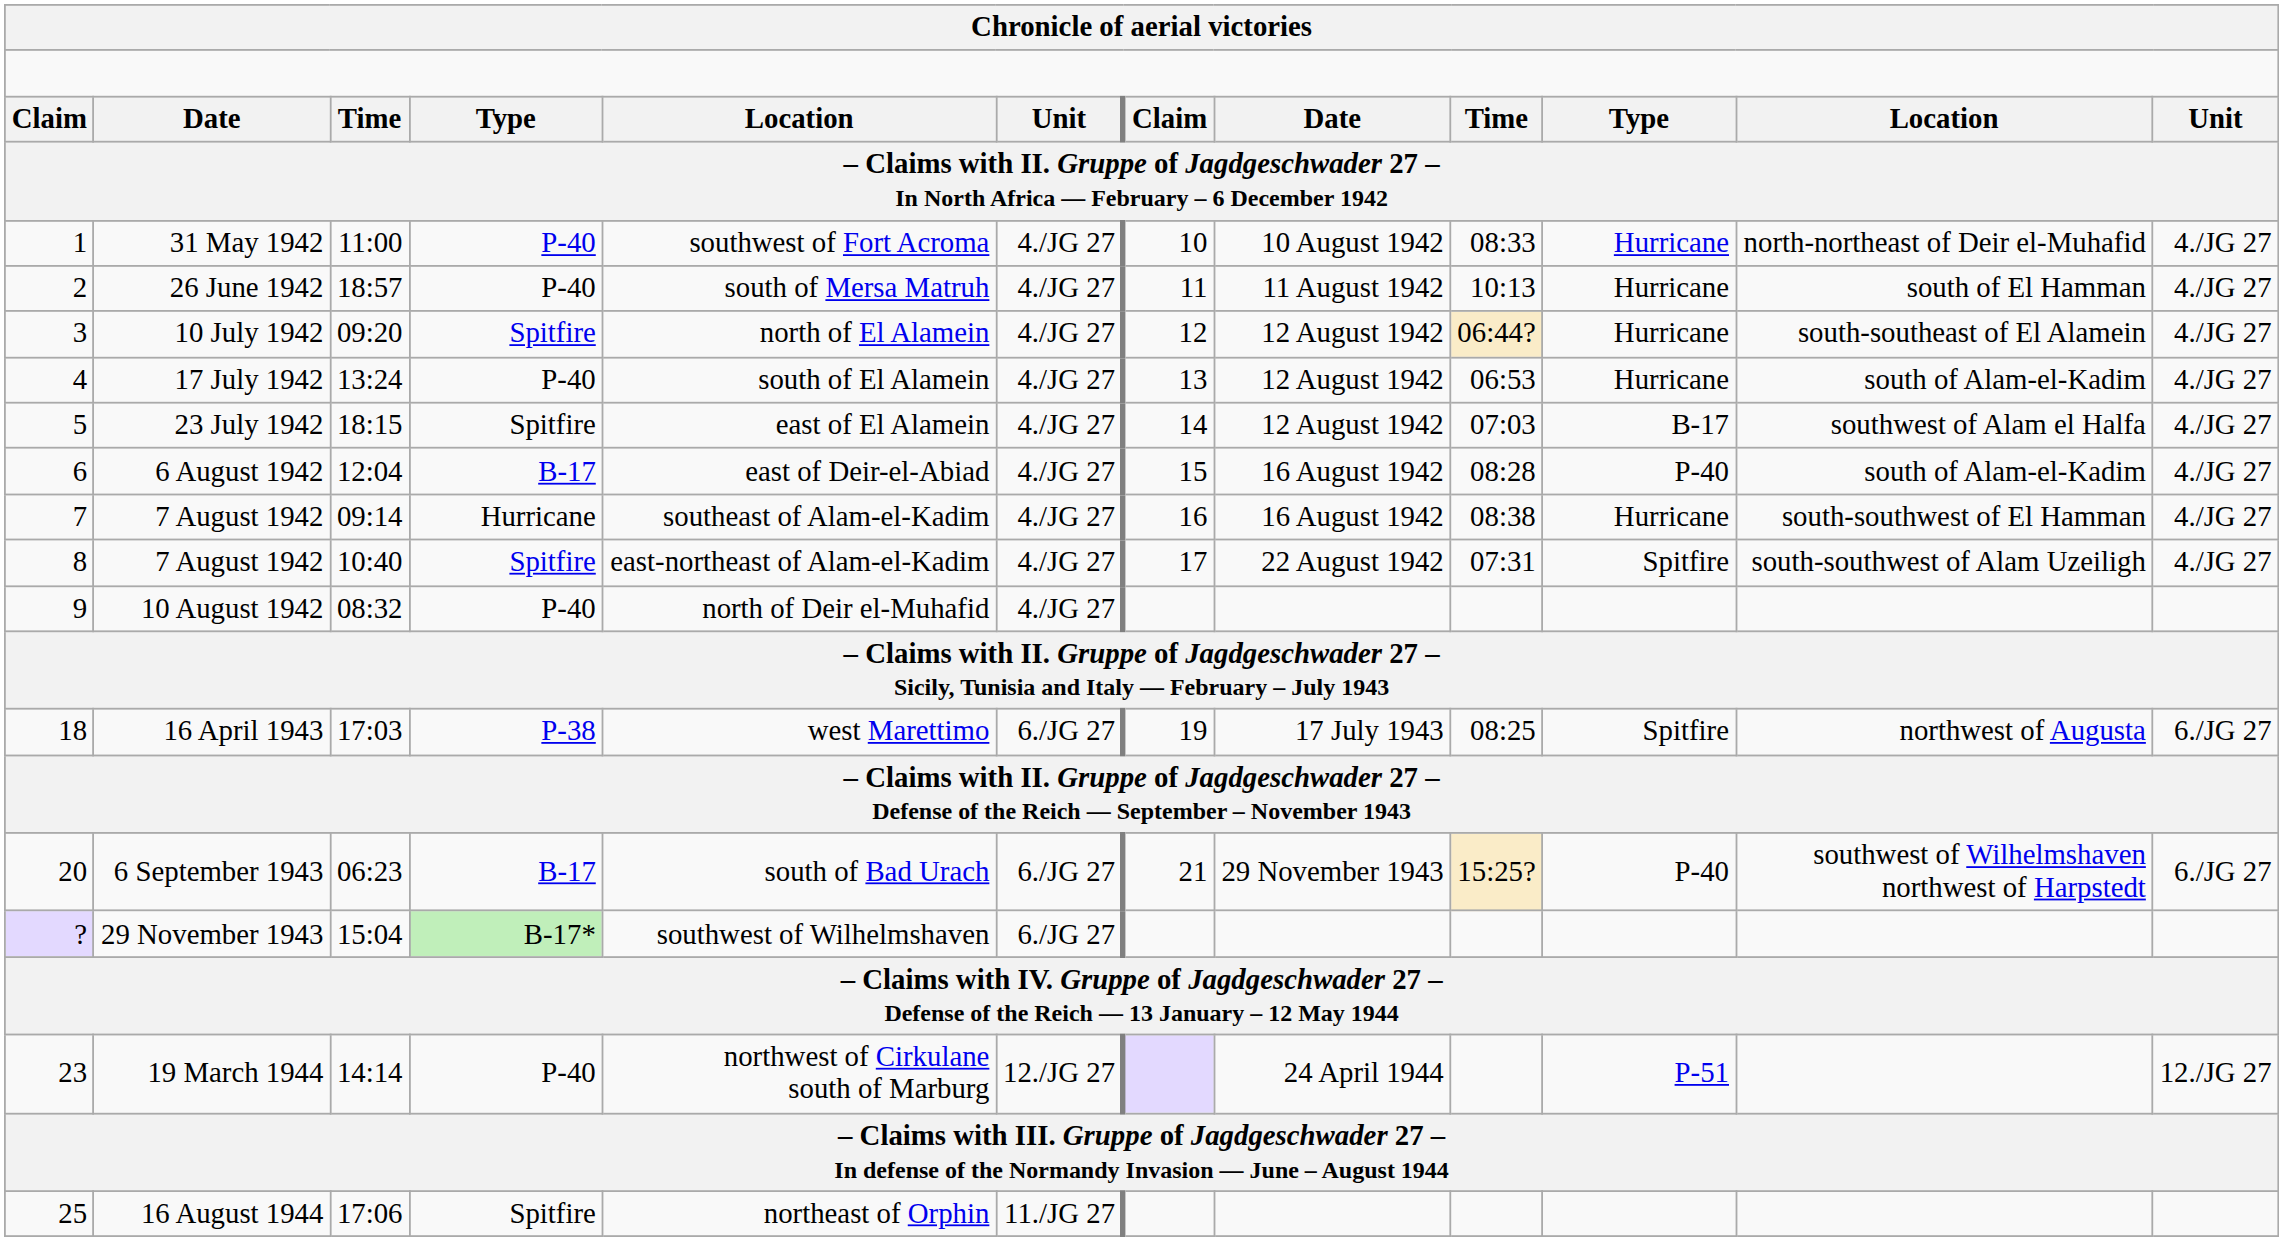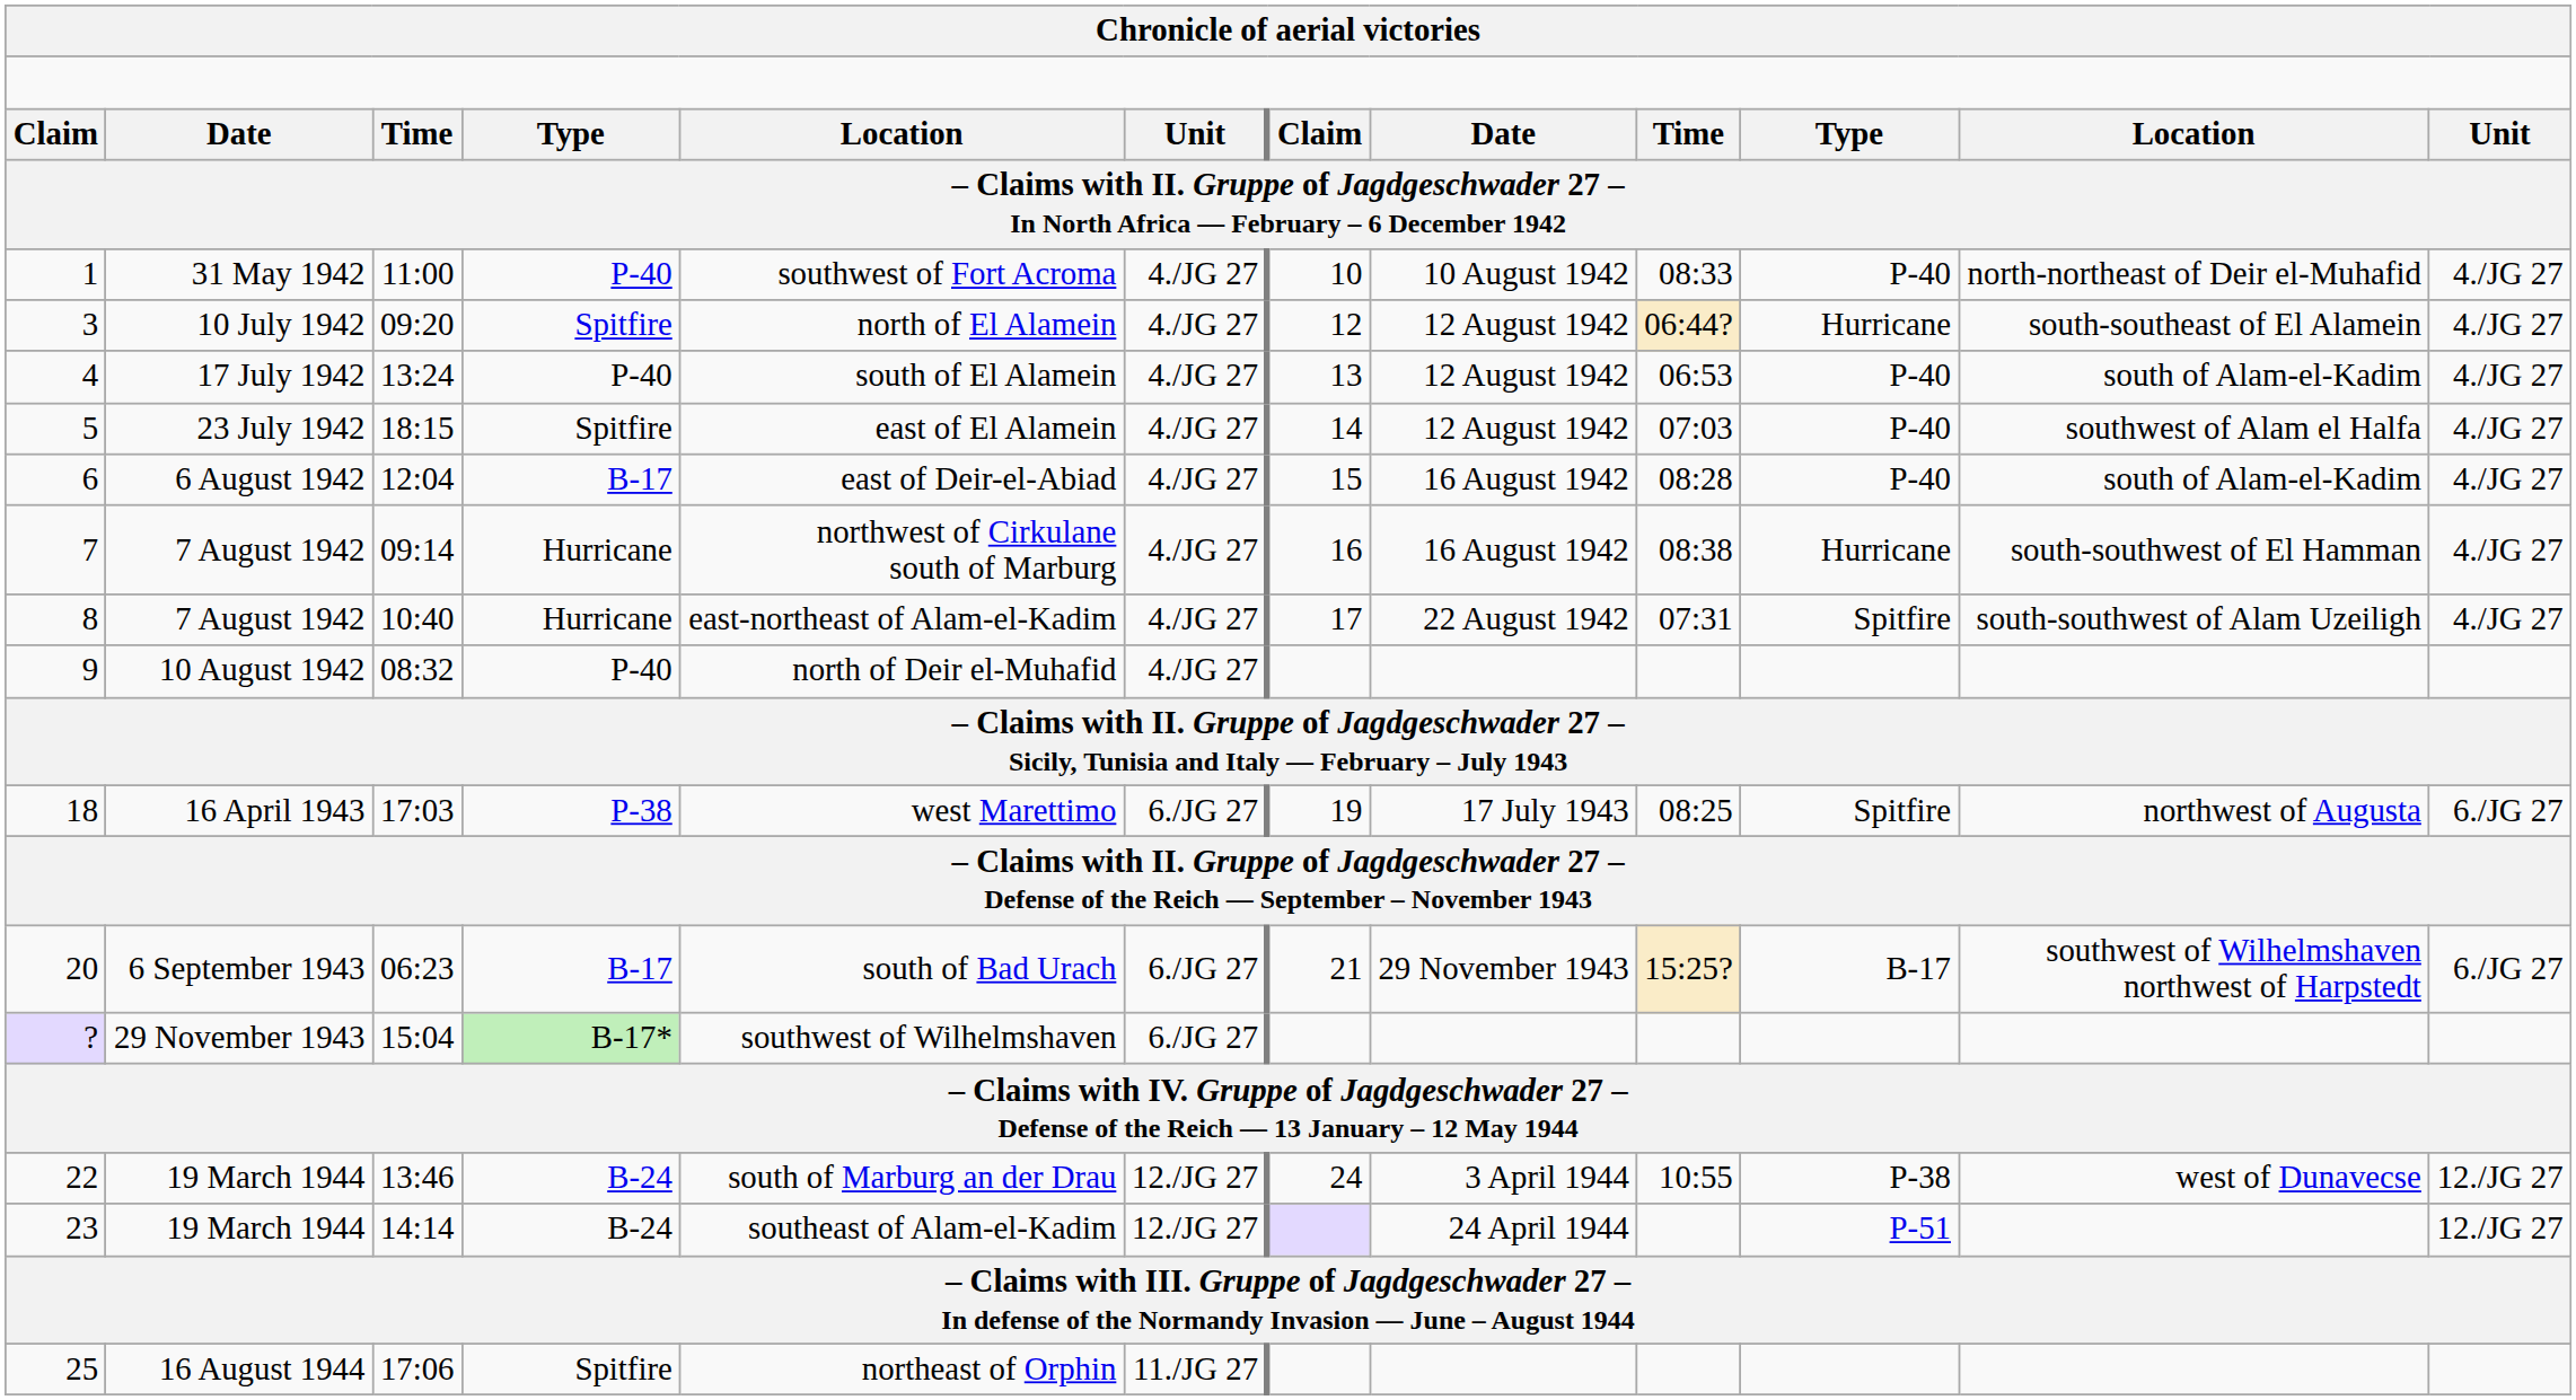 <table class="wikitable plainrowheaders collapsible" style="margin-left: auto; margin-right: auto; border: none; text-align:right; width: 100%;">
 <tr>
 <th colspan="12">Chronicle of aerial victories</th>
 </tr>
 <tr>
 <td colspan="12" style="text-align: left;"><br>  </td>
 </tr>
 <tr>
 <th scope="col">Claim</th>
 <th scope="col">Date</th>
 <th scope="col">Time</th>
 <th scope="col" width="100px">Type</th>
 <th scope="col">Location</th>
 <th scope="col">Unit</th>
 <th scope="col" style="border-left: 3px solid grey;">Claim</th>
 <th scope="col">Date</th>
 <th scope="col">Time</th>
 <th scope="col" width="100px">Type</th>
 <th scope="col">Location</th>
 <th scope="col">Unit</th>
 </tr>
 <tr>
 <th colspan="12">– Claims with II. <em>Gruppe</em> of <em>Jagdgeschwader</em> 27 –<br><small>In North Africa — February – 6 December 1942</small></th>
 </tr>
 <tr>
 <td>1</td>
 <td>31 May 1942</td>
 <td>11:00</td>
 <td><a href='#'>P-40</a></td>
 <td>southwest of <a href='#'>Fort Acroma</a></td>
 <td>4./JG 27</td>
 <td style="border-left: 3px solid grey;">10</td>
 <td>10 August 1942</td>
 <td>08:33</td>
-<td><a href='#'>Hurricane</a></td>
+<td>P-40</td>
 <td>north-northeast of Deir el-Muhafid</td>
-<td>4./JG 27</td>
-</tr>
-<tr>
-<td>2</td>
-<td>26 June 1942</td>
-<td>18:57</td>
-<td>P-40</td>
-<td>south of <a href='#'>Mersa Matruh</a></td>
-<td>4./JG 27</td>
-<td style="border-left: 3px solid grey;">11</td>
-<td>11 August 1942</td>
-<td>10:13</td>
-<td>Hurricane</td>
-<td>south of El Hamman</td>
 <td>4./JG 27</td>
 </tr>
 <tr>
 <td>3</td>
 <td>10 July 1942</td>
 <td>09:20</td>
 <td><a href='#'>Spitfire</a></td>
 <td>north of <a href='#'>El Alamein</a></td>
 <td>4./JG 27</td>
 <td style="border-left: 3px solid grey;">12</td>
 <td>12 August 1942</td>
 <td style="background:#faecc8">06:44?</td>
 <td>Hurricane</td>
 <td>south-southeast of El Alamein</td>
 <td>4./JG 27</td>
 </tr>
 <tr>
 <td>4</td>
 <td>17 July 1942</td>
 <td>13:24</td>
 <td>P-40</td>
 <td>south of El Alamein</td>
 <td>4./JG 27</td>
 <td style="border-left: 3px solid grey;">13</td>
 <td>12 August 1942</td>
 <td>06:53</td>
-<td>Hurricane</td>
+<td>P-40</td>
 <td>south of Alam-el-Kadim</td>
 <td>4./JG 27</td>
 </tr>
 <tr>
 <td>5</td>
 <td>23 July 1942</td>
 <td>18:15</td>
 <td>Spitfire</td>
 <td>east of El Alamein</td>
 <td>4./JG 27</td>
 <td style="border-left: 3px solid grey;">14</td>
 <td>12 August 1942</td>
 <td>07:03</td>
-<td>B-17</td>
+<td>P-40</td>
 <td>southwest of Alam el Halfa</td>
 <td>4./JG 27</td>
 </tr>
 <tr>
 <td>6</td>
 <td>6 August 1942</td>
 <td>12:04</td>
 <td><a href='#'>B-17</a></td>
 <td>east of Deir-el-Abiad</td>
 <td>4./JG 27</td>
 <td style="border-left: 3px solid grey;">15</td>
 <td>16 August 1942</td>
 <td>08:28</td>
 <td>P-40</td>
 <td>south of Alam-el-Kadim</td>
 <td>4./JG 27</td>
 </tr>
 <tr>
 <td>7</td>
 <td>7 August 1942</td>
 <td>09:14</td>
 <td>Hurricane</td>
-<td>southeast of Alam-el-Kadim</td>
+<td>northwest of <a href='#'>Cirkulane</a><br>south of Marburg</td>
 <td>4./JG 27</td>
 <td style="border-left: 3px solid grey;">16</td>
 <td>16 August 1942</td>
 <td>08:38</td>
 <td>Hurricane</td>
 <td>south-southwest of El Hamman</td>
 <td>4./JG 27</td>
 </tr>
 <tr>
 <td>8</td>
 <td>7 August 1942</td>
 <td>10:40</td>
-<td><a href='#'>Spitfire</a></td>
+<td>Hurricane</td>
 <td>east-northeast of Alam-el-Kadim</td>
 <td>4./JG 27</td>
 <td style="border-left: 3px solid grey;">17</td>
 <td>22 August 1942</td>
 <td>07:31</td>
 <td>Spitfire</td>
 <td>south-southwest of Alam Uzeiligh</td>
 <td>4./JG 27</td>
 </tr>
 <tr>
 <td>9</td>
 <td>10 August 1942</td>
 <td>08:32</td>
 <td>P-40</td>
 <td>north of Deir el-Muhafid</td>
 <td>4./JG 27</td>
 <td style="border-left: 3px solid grey;"></td>
 <td></td>
 <td></td>
 <td></td>
 <td></td>
 <td></td>
 </tr>
 <tr>
 <th colspan="12">– Claims with II. <em>Gruppe</em> of <em>Jagdgeschwader</em> 27 –<br><small>Sicily, Tunisia and Italy — February – July 1943</small></th>
 </tr>
 <tr>
 <td>18</td>
 <td>16 April 1943</td>
 <td>17:03</td>
 <td><a href='#'>P-38</a></td>
 <td> west <a href='#'>Marettimo</a></td>
 <td>6./JG 27</td>
 <td style="border-left: 3px solid grey;">19</td>
 <td>17 July 1943</td>
 <td>08:25</td>
 <td>Spitfire</td>
 <td>northwest of <a href='#'>Augusta</a></td>
 <td>6./JG 27</td>
 </tr>
 <tr>
 <th colspan="12">– Claims with II. <em>Gruppe</em> of <em>Jagdgeschwader</em> 27 –<br><small>Defense of the Reich — September – November 1943</small></th>
 </tr>
 <tr>
 <td>20</td>
 <td>6 September 1943</td>
 <td>06:23</td>
 <td><a href='#'>B-17</a></td>
 <td> south of <a href='#'>Bad Urach</a></td>
 <td>6./JG 27</td>
 <td style="border-left: 3px solid grey;">21</td>
 <td>29 November 1943</td>
 <td style="background:#faecc8">15:25?</td>
-<td>P-40</td>
+<td>B-17</td>
 <td> southwest of <a href='#'>Wilhelmshaven</a><br> northwest of <a href='#'>Harpstedt</a></td>
 <td>6./JG 27</td>
 </tr>
 <tr>
 <td style="background:#e3d9ff;">?</td>
 <td>29 November 1943</td>
 <td>15:04</td>
 <td style="background:#C0EFBA">B-17*</td>
 <td> southwest of Wilhelmshaven</td>
 <td>6./JG 27</td>
 <td style="border-left: 3px solid grey;"></td>
 <td></td>
 <td></td>
 <td></td>
 <td></td>
 <td></td>
 </tr>
 <tr>
 <th colspan="12">– Claims with IV. <em>Gruppe</em> of <em>Jagdgeschwader</em> 27 –<br><small>Defense of the Reich — 13 January – 12 May 1944</small></th>
 </tr>
 <tr>
+<td>22</td>
+<td>19 March 1944</td>
+<td>13:46</td>
+<td><a href='#'>B-24</a></td>
+<td>south of <a href='#'>Marburg an der Drau</a></td>
+<td>12./JG 27</td>
+<td style="border-left: 3px solid grey;">24</td>
+<td>3 April 1944</td>
+<td>10:55</td>
+<td>P-38</td>
+<td> west of <a href='#'>Dunavecse</a></td>
+<td>12./JG 27</td>
+</tr>
+<tr>
 <td>23</td>
 <td>19 March 1944</td>
 <td>14:14</td>
-<td>P-40</td>
-<td>northwest of <a href='#'>Cirkulane</a><br>south of Marburg</td>
+<td>B-24</td>
+<td>southeast of Alam-el-Kadim</td>
 <td>12./JG 27</td>
 <td style="border-left: 3px solid grey; background:#e3d9ff;"></td>
 <td>24 April 1944</td>
 <td></td>
 <td><a href='#'>P-51</a></td>
 <td></td>
 <td>12./JG 27</td>
 </tr>
 <tr>
 <th colspan="12">– Claims with III. <em>Gruppe</em> of <em>Jagdgeschwader</em> 27 –<br><small>In defense of the Normandy Invasion — June – August 1944</small></th>
 </tr>
 <tr>
 <td>25</td>
 <td>16 August 1944</td>
 <td>17:06</td>
 <td>Spitfire</td>
 <td> northeast of <a href='#'>Orphin</a></td>
 <td>11./JG 27</td>
 <td style="border-left: 3px solid grey;"></td>
 <td></td>
 <td></td>
 <td></td>
 <td></td>
 <td></td>
 </tr>
 </table>
